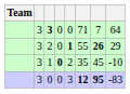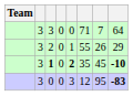 <table class="wikitable" style="text-align: center;">
 <tr>
 <th>Team</th>
 <th></th>
 <th></th>
 <th></th>
 <th></th>
 <th></th>
 <th></th>
 <th></th>
 </tr>
 <tr bgcolor="ccffcc">
 <td align="left"></td>
 <td>3</td>
-<td><strong>3</strong></td>
+<td>3</td>
 <td>0</td>
 <td>0</td>
 <td>71</td>
 <td>7</td>
 <td>64</td>
 </tr>
 <tr bgcolor="ccffcc">
 <td align="left"></td>
 <td>3</td>
 <td>2</td>
 <td>0</td>
-<td><strong>1</strong></td>
+<td>1</td>
 <td>55</td>
-<td><strong>26</strong></td>
+<td>26</td>
 <td>29</td>
 </tr>
 <tr bgcolor="ccffcc">
 <td align="left"></td>
 <td>3</td>
-<td>1</td>
-<td><strong>0</strong></td>
-<td>2</td>
+<td><strong>1</strong></td>
+<td>0</td>
+<td><strong>2</strong></td>
 <td>35</td>
 <td>45</td>
-<td>-10</td>
+<td><strong>-10</strong></td>
 </tr>
 <tr bgcolor="ccccff">
 <td align="left"></td>
 <td>3</td>
 <td>0</td>
 <td>0</td>
 <td>3</td>
-<td><strong>12</strong></td>
-<td><strong>95</strong></td>
-<td>-83</td>
+<td>12</td>
+<td>95</td>
+<td><strong>-83</strong></td>
 </tr>
 </table>
